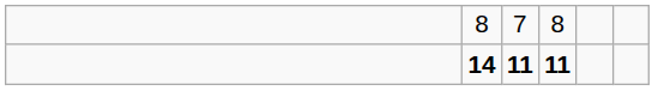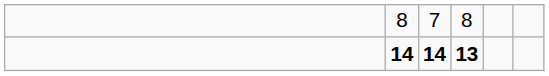 <table class="wikitable">
 <tr>
 <td style="width:18em"></td>
 <td align=center style="width:1em">8</td>
 <td align=center style="width:1em">7</td>
 <td align=center style="width:1em">8</td>
 <td align=center style="width:1em"></td>
 <td align=center style="width:1em"></td>
 </tr>
 <tr>
 <td style="width:18em"><strong></strong></td>
 <td align=center style="width:1em"><strong>14</strong></td>
-<td align=center style="width:1em"><strong>11</strong></td>
-<td align=center style="width:1em"><strong>11</strong></td>
+<td align=center style="width:1em"><strong>14</strong></td>
+<td align=center style="width:1em"><strong>13</strong></td>
 <td align=center style="width:1em"></td>
 <td align=center style="width:1em"></td>
 </tr>
 </table>
